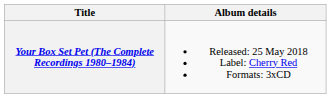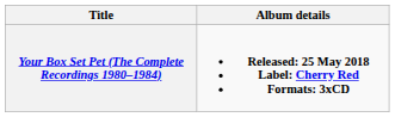 <table class="wikitable plainrowheaders" style="text-align:center;">
 <tr>
 <th scope="col" style="width:15em;">Title</th>
 <th scope="col" style="width:15em;">Album details</th>
 </tr>
 <tr>
 <th scope="row"><em><a href='#'>Your Box Set Pet (The Complete Recordings 1980–1984)</a></em></th>
-<td><br><ul><li>Released: 25 May 2018</li><li>Label: <a href='#'>Cherry Red</a></li><li>Formats: 3xCD</li></ul></td>
+<td><strong><br><ul><li>Released: 25 May 2018</li><li>Label: <a href='#'>Cherry Red</a></li><li>Formats: 3xCD</li></ul></strong></td>
 </tr>
 </table>
